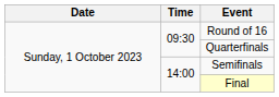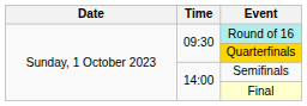 <table class = "wikitable" style="text-align:center;">
 <tr>
 <th width=220>Date</th>
 <th width=50>Time</th>
 <th width=100>Event</th>
 </tr>
 <tr>
 <td rowspan=4>Sunday, 1 October 2023</td>
 <td rowspan=2>09:30</td>
-<td>Round of 16</td>
+<td style="background: paleturquoise;">Round of 16</td>
 </tr>
 <tr>
-<td>Quarterfinals</td>
+<td style="background: gold;">Quarterfinals</td>
 </tr>
 <tr>
 <td rowspan=2>14:00</td>
 <td>Semifinals</td>
 </tr>
 <tr>
 <td bgcolor=ffffcc>Final</td>
 </tr>
 </table>
